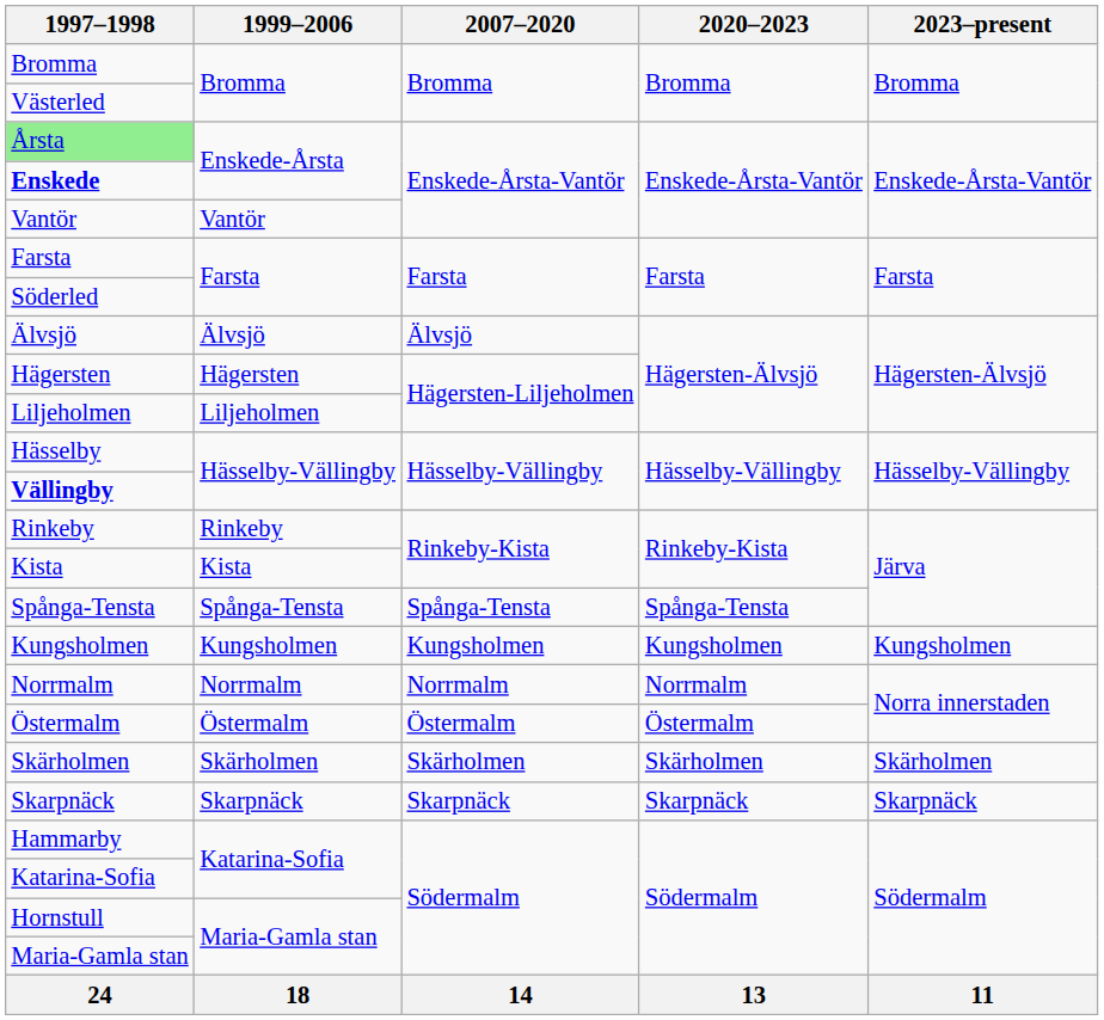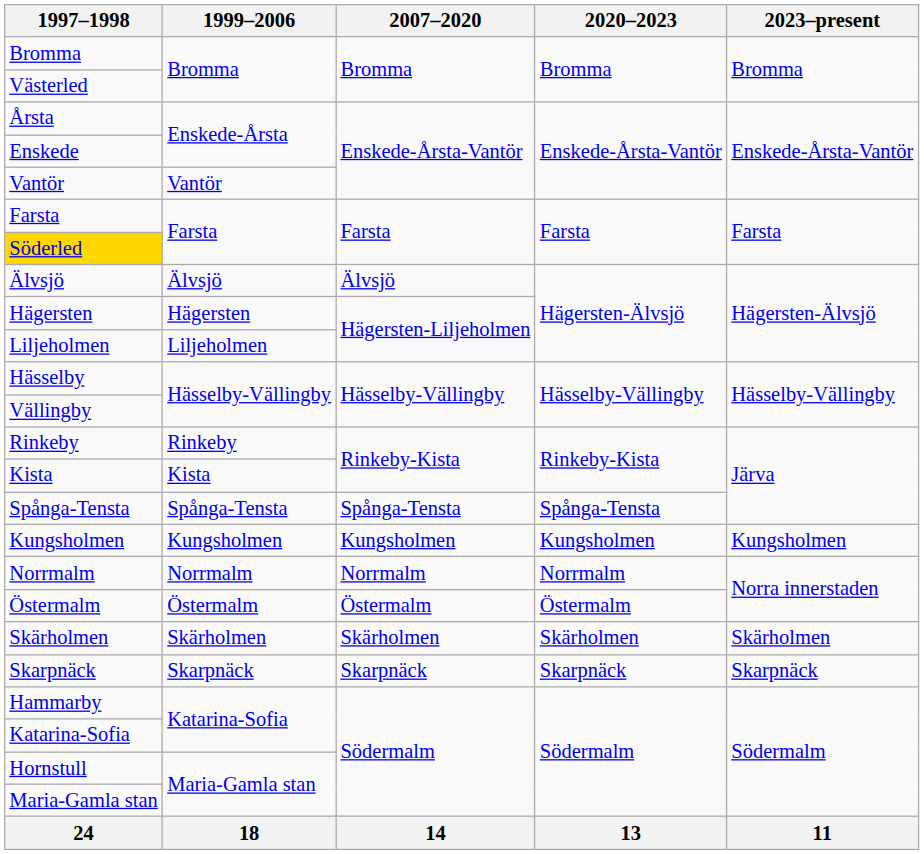 <table class="wikitable sortable">
 <tr>
 <th>1997–1998</th>
 <th>1999–2006</th>
 <th>2007–2020</th>
 <th>2020–2023</th>
 <th>2023–present</th>
 </tr>
 <tr>
 <td><a href='#'>Bromma</a></td>
 <td rowspan=2><a href='#'>Bromma</a></td>
 <td rowspan=2><a href='#'>Bromma</a></td>
 <td rowspan=2><a href='#'>Bromma</a></td>
 <td rowspan=2><a href='#'>Bromma</a></td>
 </tr>
 <tr>
 <td><a href='#'>Västerled</a></td>
 </tr>
 <tr>
-<td style="background: lightgreen;"><a href='#'>Årsta</a></td>
+<td><a href='#'>Årsta</a></td>
 <td rowspan=2><a href='#'>Enskede-Årsta</a></td>
 <td rowspan=3><a href='#'>Enskede-Årsta-Vantör</a></td>
 <td rowspan=3><a href='#'>Enskede-Årsta-Vantör</a></td>
 <td rowspan=3><a href='#'>Enskede-Årsta-Vantör</a></td>
 </tr>
 <tr>
-<td><strong><a href='#'>Enskede</a></strong></td>
+<td><a href='#'>Enskede</a></td>
 </tr>
 <tr>
 <td><a href='#'>Vantör</a></td>
 <td><a href='#'>Vantör</a></td>
 </tr>
 <tr>
 <td><a href='#'>Farsta</a></td>
 <td rowspan=2><a href='#'>Farsta</a></td>
 <td rowspan=2><a href='#'>Farsta</a></td>
 <td rowspan=2><a href='#'>Farsta</a></td>
 <td rowspan=2><a href='#'>Farsta</a></td>
 </tr>
 <tr>
-<td><a href='#'>Söderled</a></td>
+<td style="background: gold;"><a href='#'>Söderled</a></td>
 </tr>
 <tr>
 <td><a href='#'>Älvsjö</a></td>
 <td><a href='#'>Älvsjö</a></td>
 <td><a href='#'>Älvsjö</a></td>
 <td rowspan=3><a href='#'>Hägersten-Älvsjö</a></td>
 <td rowspan=3><a href='#'>Hägersten-Älvsjö</a></td>
 </tr>
 <tr>
 <td><a href='#'>Hägersten</a></td>
 <td><a href='#'>Hägersten</a></td>
 <td rowspan=2><a href='#'>Hägersten-Liljeholmen</a></td>
 </tr>
 <tr>
 <td><a href='#'>Liljeholmen</a></td>
 <td><a href='#'>Liljeholmen</a></td>
 </tr>
 <tr>
 <td><a href='#'>Hässelby</a></td>
 <td rowspan=2><a href='#'>Hässelby-Vällingby</a></td>
 <td rowspan=2><a href='#'>Hässelby-Vällingby</a></td>
 <td rowspan=2><a href='#'>Hässelby-Vällingby</a></td>
 <td rowspan=2><a href='#'>Hässelby-Vällingby</a></td>
 </tr>
 <tr>
-<td><strong><a href='#'>Vällingby</a></strong></td>
+<td><a href='#'>Vällingby</a></td>
 </tr>
 <tr>
 <td><a href='#'>Rinkeby</a></td>
 <td><a href='#'>Rinkeby</a></td>
 <td rowspan=2><a href='#'>Rinkeby-Kista</a></td>
 <td rowspan=2><a href='#'>Rinkeby-Kista</a></td>
 <td rowspan=3><a href='#'>Järva</a></td>
 </tr>
 <tr>
 <td><a href='#'>Kista</a></td>
 <td><a href='#'>Kista</a></td>
 </tr>
 <tr>
 <td><a href='#'>Spånga-Tensta</a></td>
 <td><a href='#'>Spånga-Tensta</a></td>
 <td><a href='#'>Spånga-Tensta</a></td>
 <td><a href='#'>Spånga-Tensta</a></td>
 </tr>
 <tr>
 <td><a href='#'>Kungsholmen</a></td>
 <td><a href='#'>Kungsholmen</a></td>
 <td><a href='#'>Kungsholmen</a></td>
 <td><a href='#'>Kungsholmen</a></td>
 <td><a href='#'>Kungsholmen</a></td>
 </tr>
 <tr>
 <td><a href='#'>Norrmalm</a></td>
 <td><a href='#'>Norrmalm</a></td>
 <td><a href='#'>Norrmalm</a></td>
 <td><a href='#'>Norrmalm</a></td>
 <td rowspan=2><a href='#'>Norra innerstaden</a></td>
 </tr>
 <tr>
 <td><a href='#'>Östermalm</a></td>
 <td><a href='#'>Östermalm</a></td>
 <td><a href='#'>Östermalm</a></td>
 <td><a href='#'>Östermalm</a></td>
 </tr>
 <tr>
 <td><a href='#'>Skärholmen</a></td>
 <td><a href='#'>Skärholmen</a></td>
 <td><a href='#'>Skärholmen</a></td>
 <td><a href='#'>Skärholmen</a></td>
 <td><a href='#'>Skärholmen</a></td>
 </tr>
 <tr>
 <td><a href='#'>Skarpnäck</a></td>
 <td rowspan=2><a href='#'>Skarpnäck</a></td>
 <td rowspan=2><a href='#'>Skarpnäck</a></td>
 <td rowspan=2><a href='#'>Skarpnäck</a></td>
 <td rowspan=2><a href='#'>Skarpnäck</a></td>
 </tr>
 <tr>
 <td rowspan=2><a href='#'>Hammarby</a></td>
 </tr>
 <tr>
 <td rowspan=2><a href='#'>Katarina-Sofia</a></td>
 <td rowspan=4><a href='#'>Södermalm</a></td>
 <td rowspan=4><a href='#'>Södermalm</a></td>
 <td rowspan=4><a href='#'>Södermalm</a></td>
 </tr>
 <tr>
 <td><a href='#'>Katarina-Sofia</a></td>
 </tr>
 <tr>
 <td><a href='#'>Hornstull</a></td>
 <td rowspan=2><a href='#'>Maria-Gamla stan</a></td>
 </tr>
 <tr>
 <td><a href='#'>Maria-Gamla stan</a></td>
 </tr>
 <tr>
 <th>24</th>
 <th>18</th>
 <th>14</th>
 <th>13</th>
 <th>11</th>
 </tr>
 </table>
